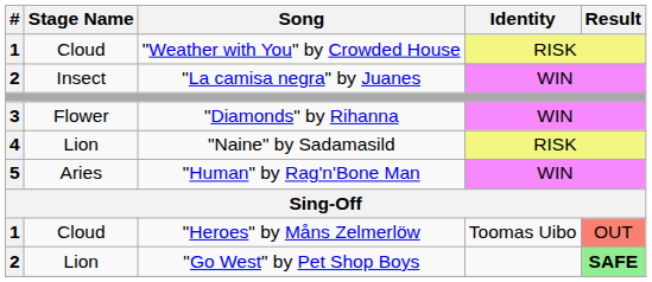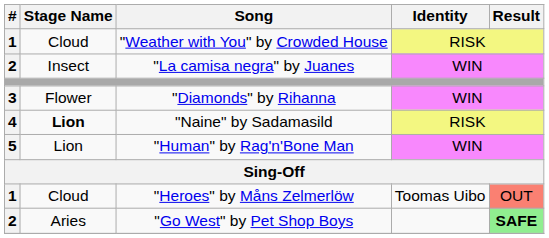 <table class="wikitable plainrowheaders" style="text-align: center;">
 <tr>
 <th>#</th>
 <th>Stage Name</th>
 <th>Song</th>
 <th>Identity</th>
 <th>Result</th>
 </tr>
 <tr>
 <th>1</th>
 <td>Cloud</td>
 <td>"<a href='#'>Weather with You</a>" by <a href='#'>Crowded House</a></td>
 <td colspan="2" bgcolor="#F3F781">RISK</td>
 </tr>
 <tr>
 <th>2</th>
 <td>Insect</td>
 <td>"<a href='#'>La camisa negra</a>" by <a href='#'>Juanes</a></td>
 <td colspan="2" bgcolor="#F888FD">WIN</td>
 </tr>
 <tr>
 <td colspan="5" style="background:darkgray"></td>
 </tr>
 <tr>
 <th>3</th>
 <td>Flower</td>
 <td>"<a href='#'>Diamonds</a>" by <a href='#'>Rihanna</a></td>
 <td colspan="2" bgcolor="#F888FD">WIN</td>
 </tr>
 <tr>
 <th>4</th>
-<td>Lion</td>
+<td><strong>Lion</strong></td>
 <td>"Naine" by Sadamasild</td>
 <td colspan="2" bgcolor="#F3F781">RISK</td>
 </tr>
 <tr>
 <th>5</th>
-<td>Aries</td>
+<td>Lion</td>
 <td>"<a href='#'>Human</a>" by <a href='#'>Rag'n'Bone Man</a></td>
 <td colspan="2" bgcolor="#F888FD">WIN</td>
 </tr>
 <tr>
 <th colspan="5">Sing-Off</th>
 </tr>
 <tr>
 <th>1</th>
 <td>Cloud</td>
 <td>"<a href='#'>Heroes</a>" by <a href='#'>Måns Zelmerlöw</a></td>
 <td>Toomas Uibo</td>
 <td bgcolor="salmon">OUT</td>
 </tr>
 <tr>
 <th>2</th>
-<td>Lion</td>
+<td>Aries</td>
 <td>"<a href='#'>Go West</a>" by <a href='#'>Pet Shop Boys</a></td>
 <td></td>
 <td bgcolor="lightgreen"><strong>SAFE</strong></td>
 </tr>
 <tr>
 </tr>
 </table>
